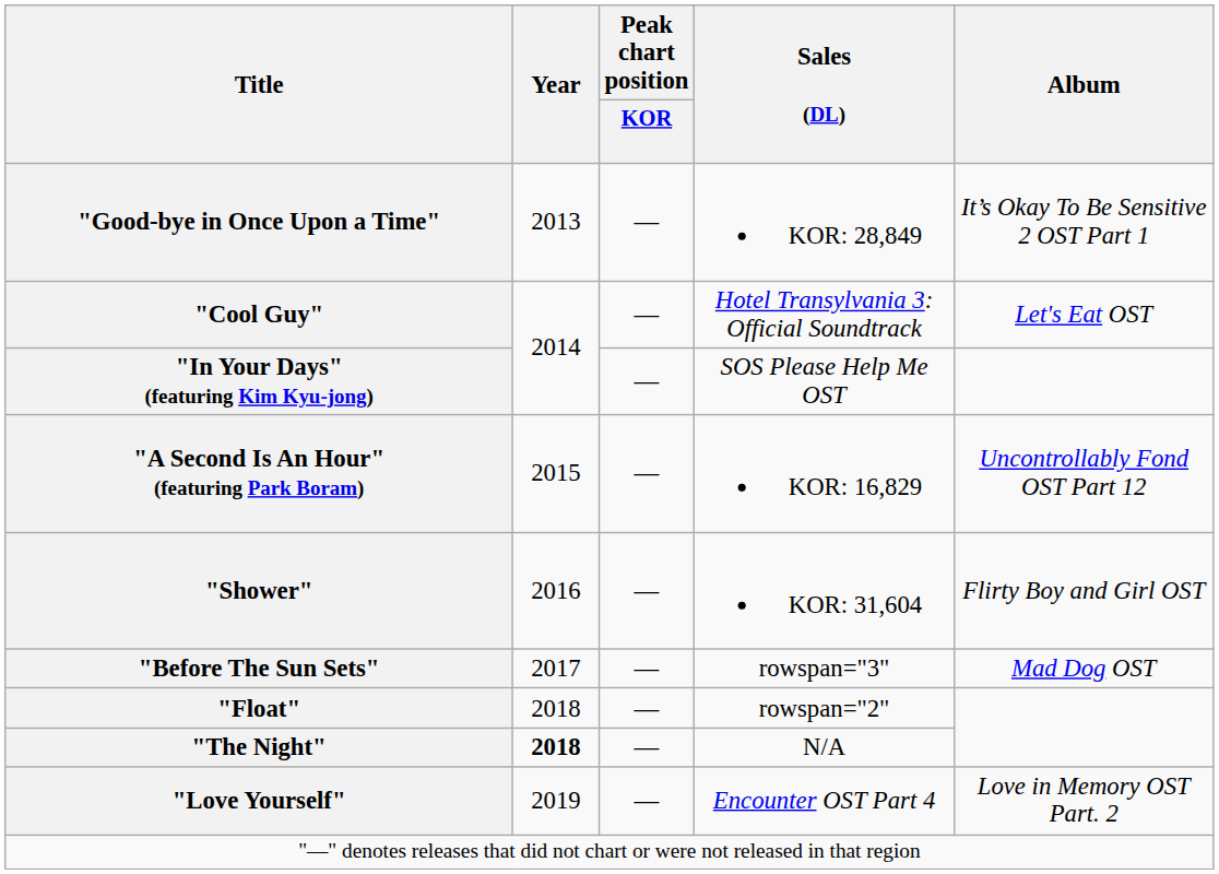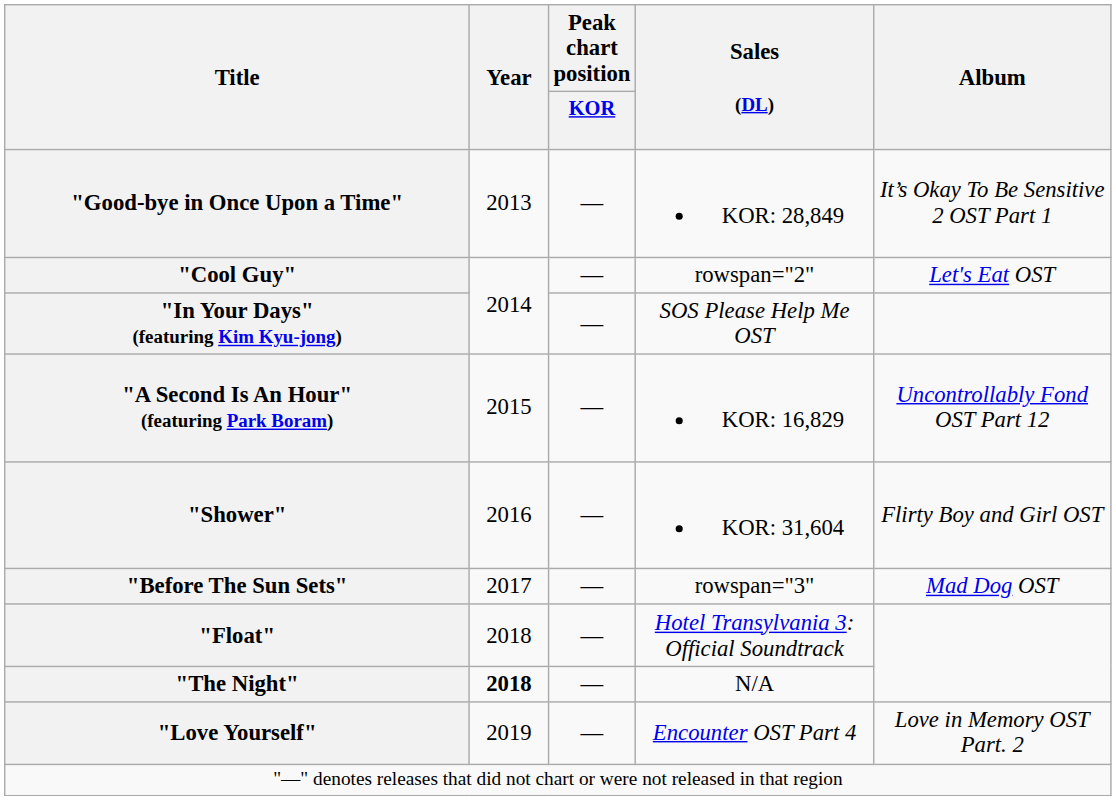 <table class="wikitable plainrowheaders" style="text-align:center;">
 <tr>
 <th rowspan="2" scope="col" style="width:20em;">Title</th>
 <th rowspan="2" scope="col" style="width:3em;">Year</th>
 <th scope="col">Peak chart position</th>
 <th rowspan="2" scope="col" style="width:10em;">Sales<br><br><small>(<a href='#'>DL</a>)</small></th>
 <th rowspan="2" scope="col" style="width:10em;">Album</th>
 </tr>
 <tr>
 <th scope="col" style="width:3em;font-size:90%;"><a href='#'>KOR</a><br><br></th>
 </tr>
 <tr>
 <th scope="row">"Good-bye in Once Upon a Time"</th>
 <td>2013</td>
 <td>—</td>
 <td><br><ul><li>KOR: 28,849</li></ul></td>
 <td><em>It’s Okay To Be Sensitive 2 OST Part 1</em></td>
 </tr>
 <tr>
 <th scope="row">"Cool Guy"</th>
 <td rowspan="2">2014</td>
 <td>—</td>
-<td><em><a href='#'>Hotel Transylvania 3</a>: Official Soundtrack</em></td>
+<td>rowspan="2" </td>
 <td><em><a href='#'>Let's Eat</a> OST</em></td>
 </tr>
 <tr>
 <th scope="row">"In Your Days"<br><small>(featuring <a href='#'>Kim Kyu-jong</a>)</small></th>
 <td>—</td>
 <td><em>SOS Please Help Me OST</em></td>
 </tr>
 <tr>
 <th scope="row">"A Second Is An Hour"<br><small>(featuring <a href='#'>Park Boram</a>)</small></th>
 <td>2015</td>
 <td>—</td>
 <td><br><ul><li>KOR: 16,829</li></ul></td>
 <td><em><a href='#'>Uncontrollably Fond</a> OST Part 12</em></td>
 </tr>
 <tr>
 <th scope="row">"Shower"</th>
 <td>2016</td>
 <td>—</td>
 <td><br><ul><li>KOR: 31,604</li></ul></td>
 <td><em>Flirty Boy and Girl OST</em></td>
 </tr>
 <tr>
 <th scope="row">"Before The Sun Sets"</th>
 <td>2017</td>
 <td>—</td>
 <td>rowspan="3" </td>
 <td><em><a href='#'>Mad Dog</a> OST</em></td>
 </tr>
 <tr>
 <th scope="row">"Float"</th>
 <td>2018</td>
 <td>—</td>
-<td>rowspan="2" </td>
+<td><em><a href='#'>Hotel Transylvania 3</a>: Official Soundtrack</em></td>
 </tr>
 <tr>
 <th scope="row">"The Night"</th>
 <td><strong>2018</strong></td>
 <td>—</td>
 <td>N/A</td>
 </tr>
 <tr>
 <th scope="row">"Love Yourself"</th>
 <td>2019</td>
 <td>—</td>
 <td><em><a href='#'>Encounter</a> OST Part 4</em></td>
 <td><em>Love in Memory OST Part. 2</em></td>
 </tr>
 <tr>
 <td colspan="5" style="font-size:85%;">"—" denotes releases that did not chart or were not released in that region</td>
 </tr>
 </table>
